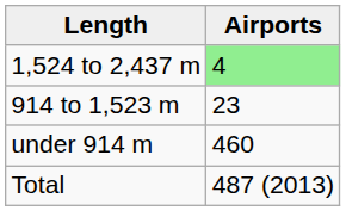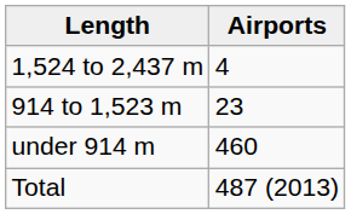 <table class="wikitable">
 <tr>
 <th style="background:#efefef;">Length</th>
 <th style="background:#efefef;">Airports</th>
 </tr>
 <tr>
 <td>1,524 to 2,437 m</td>
-<td style="background: lightgreen;">4</td>
+<td>4</td>
 </tr>
 <tr>
 <td>914 to 1,523 m</td>
 <td>23</td>
 </tr>
 <tr>
 <td>under 914 m</td>
 <td>460</td>
 </tr>
 <tr>
 <td>Total</td>
 <td>487 (2013)</td>
 </tr>
 </table>
